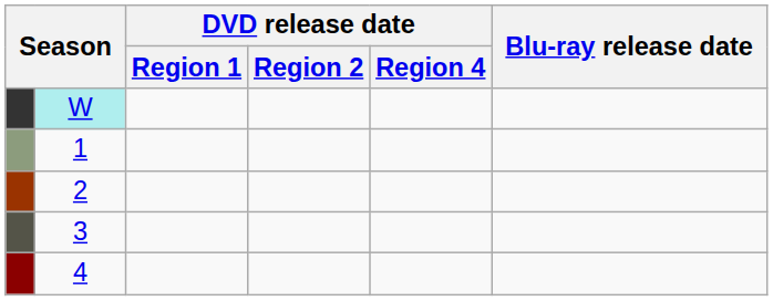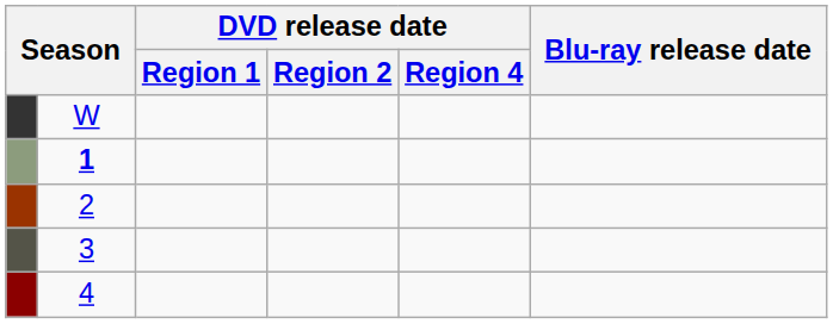 <table class="wikitable" style="text-align: center;">
 <tr>
 <th style="padding: 0 8px;" colspan="2" rowspan="2">Season</th>
 <th colspan="3"><a href='#'>DVD</a> release date</th>
 <th style="padding: 0 8px;" rowspan="2"><a href='#'>Blu-ray</a> release date</th>
 </tr>
 <tr>
 <th><a href='#'>Region 1</a></th>
 <th><a href='#'>Region 2</a></th>
 <th><a href='#'>Region 4</a></th>
 </tr>
 <tr>
 <td bgcolor="333333"></td>
-<td style="background: paleturquoise;"><a href='#'>W</a></td>
+<td><a href='#'>W</a></td>
 <td style="padding: 0 8px;"></td>
 <td style="padding: 0 8px;"></td>
 <td style="padding: 0 8px;"></td>
 <td></td>
 </tr>
 <tr>
 <td bgcolor="8C9C7D"></td>
-<td><a href='#'>1</a></td>
+<td><strong><a href='#'>1</a></strong></td>
 <td></td>
 <td></td>
 <td></td>
 <td></td>
 </tr>
 <tr>
 <td bgcolor="9A3300"></td>
 <td><a href='#'>2</a></td>
 <td></td>
 <td></td>
 <td></td>
 <td></td>
 </tr>
 <tr>
 <td bgcolor="545448"></td>
 <td><a href='#'>3</a></td>
 <td></td>
 <td style="padding: 0 8px;"></td>
 <td style="padding: 0 8px;"></td>
 <td></td>
 </tr>
 <tr>
 <td bgcolor="8B0000"></td>
 <td><a href='#'>4</a></td>
 <td></td>
 <td></td>
 <td></td>
 <td></td>
 </tr>
 </table>
